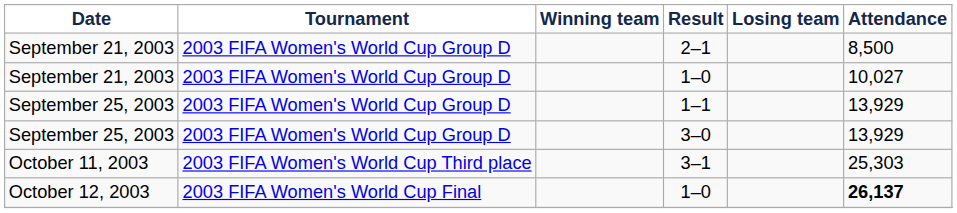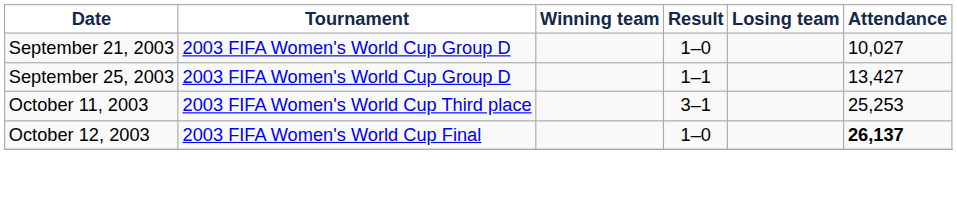 <table class="wikitable">
 <tr>
 <th style="text-align:center; background:#FFFFFF; color:#13284B; ">Date</th>
 <th style="text-align:center; background:#FFFFFF; color:#13284B; ">Tournament</th>
 <th style="text-align:center; background:#FFFFFF; color:#13284B; ">Winning team</th>
 <th style="text-align:center; background:#FFFFFF; color:#13284B; ">Result</th>
 <th style="text-align:center; background:#FFFFFF; color:#13284B; ">Losing team</th>
 <th style="text-align:center; background:#FFFFFF; color:#13284B; ">Attendance</th>
-</tr>
-<tr>
-<td>September 21, 2003</td>
-<td><a href='#'>2003 FIFA Women's World Cup Group D</a></td>
-<td></td>
-<td align=center>2–1</td>
-<td></td>
-<td>8,500</td>
 </tr>
 <tr>
 <td>September 21, 2003</td>
 <td><a href='#'>2003 FIFA Women's World Cup Group D</a></td>
 <td></td>
 <td align=center>1–0</td>
 <td></td>
 <td>10,027</td>
 </tr>
 <tr>
 <td>September 25, 2003</td>
 <td><a href='#'>2003 FIFA Women's World Cup Group D</a></td>
 <td></td>
 <td align=center>1–1</td>
 <td></td>
-<td>13,929</td>
-</tr>
-<tr>
-<td>September 25, 2003</td>
-<td><a href='#'>2003 FIFA Women's World Cup Group D</a></td>
-<td></td>
-<td align=center>3–0</td>
-<td></td>
-<td>13,929</td>
+<td>13,427</td>
 </tr>
 <tr>
 <td>October 11, 2003</td>
 <td><a href='#'>2003 FIFA Women's World Cup Third place</a></td>
 <td></td>
 <td align=center>3–1</td>
 <td></td>
-<td>25,303</td>
+<td>25,253</td>
 </tr>
 <tr>
 <td>October 12, 2003</td>
 <td><a href='#'>2003 FIFA Women's World Cup Final</a></td>
 <td></td>
 <td align=center>1–0 </td>
 <td></td>
 <td><strong>26,137</strong></td>
 </tr>
 <tr>
 </tr>
 </table>
